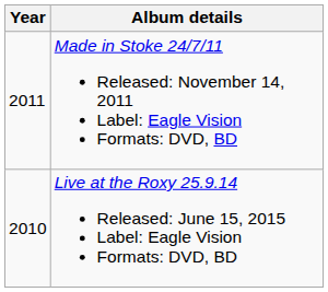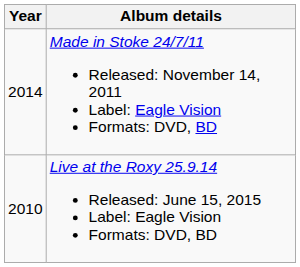 <table class="wikitable">
 <tr>
 <th>Year</th>
 <th width="250">Album details</th>
 </tr>
 <tr>
-<td>2011</td>
+<td>2014</td>
 <td><em><a href='#'>Made in Stoke 24/7/11</a></em><br><ul><li>Released: November 14, 2011</li><li>Label: <a href='#'>Eagle Vision</a></li><li>Formats: DVD, <a href='#'>BD</a></li></ul></td>
 </tr>
 <tr>
 <td>2010</td>
 <td><em><a href='#'>Live at the Roxy 25.9.14</a></em><br><ul><li>Released: June 15, 2015</li><li>Label: Eagle Vision</li><li>Formats: DVD, BD</li></ul></td>
 </tr>
 </table>
